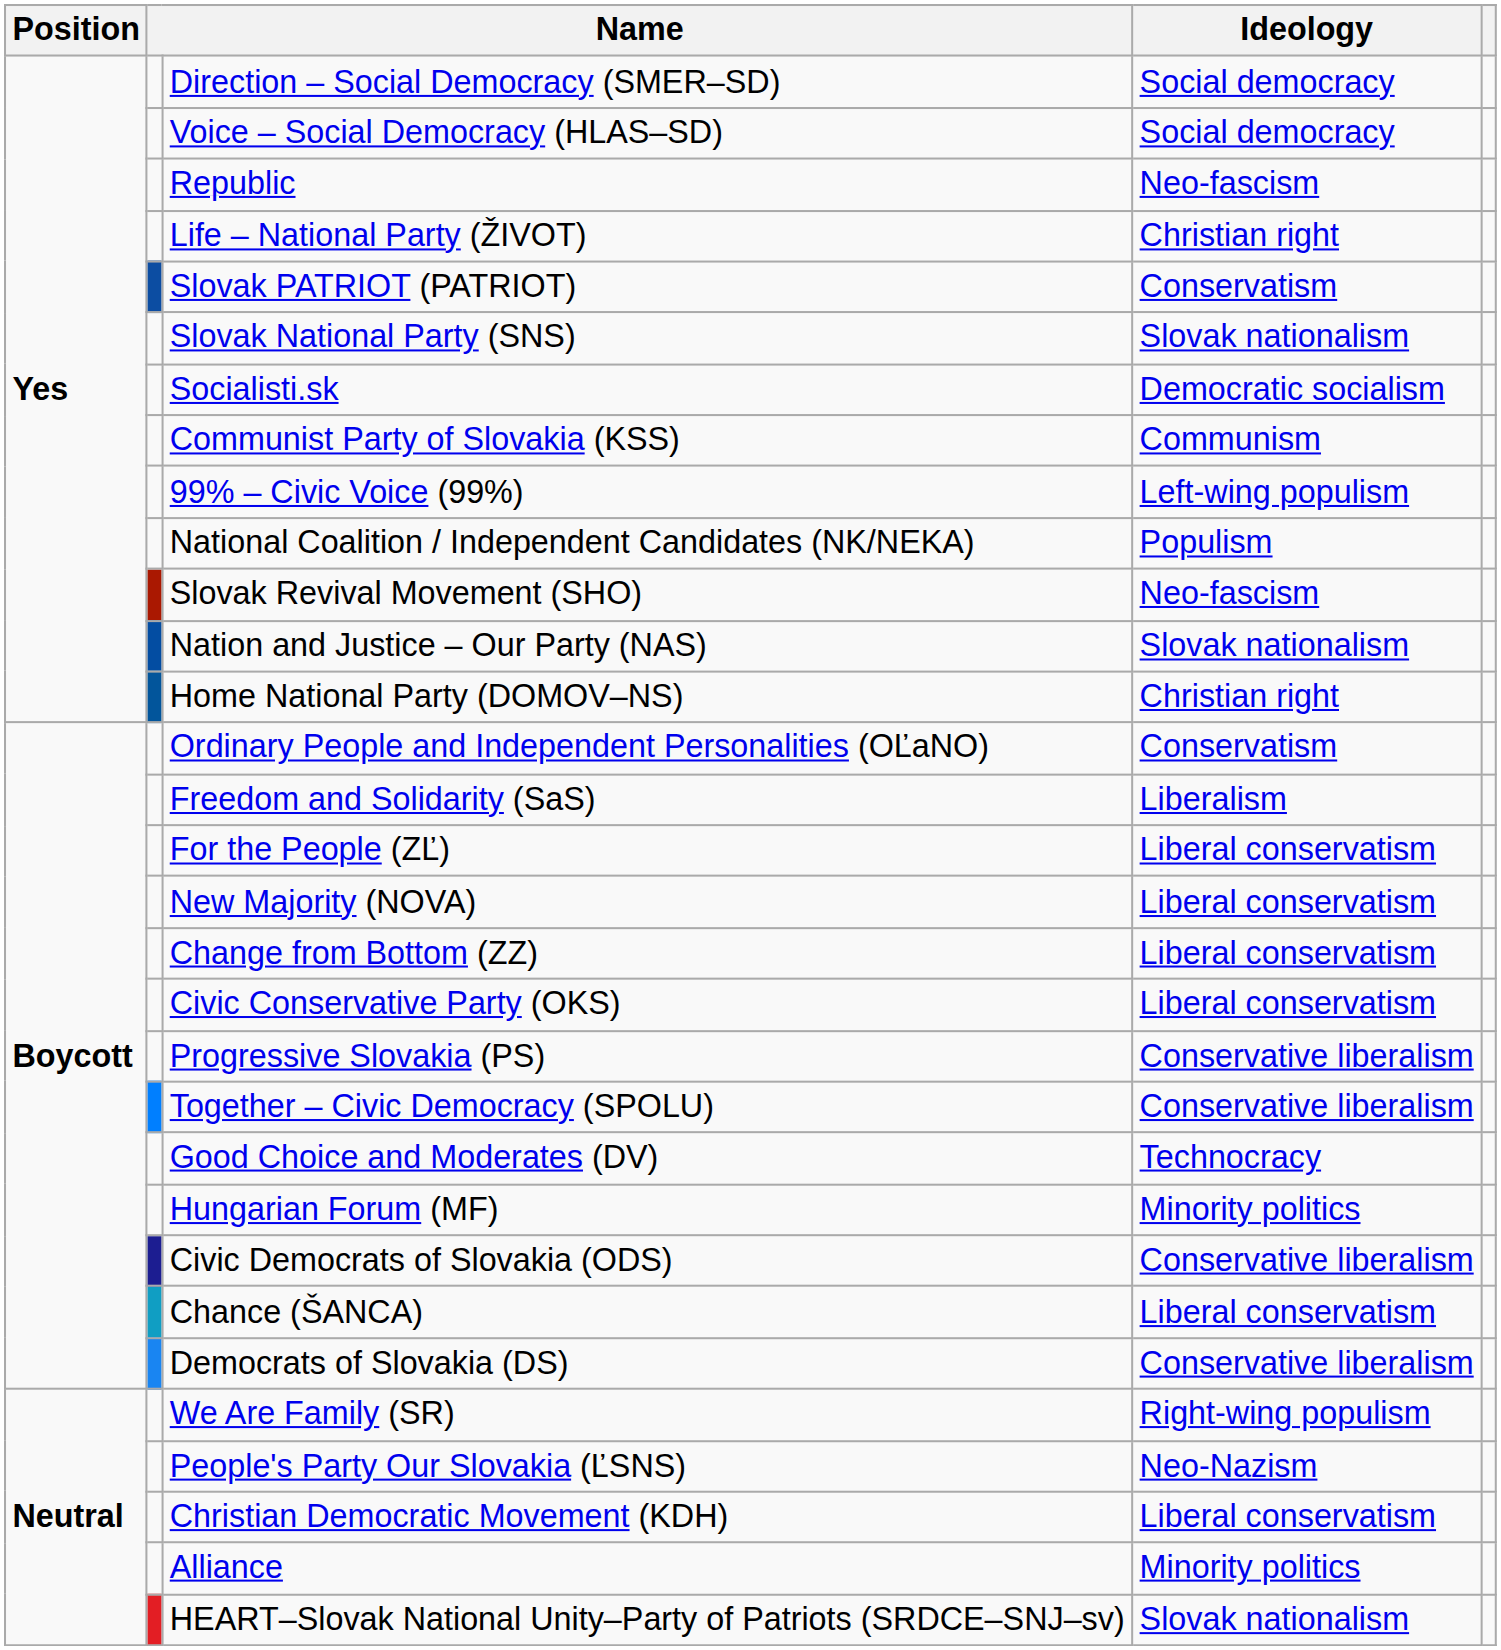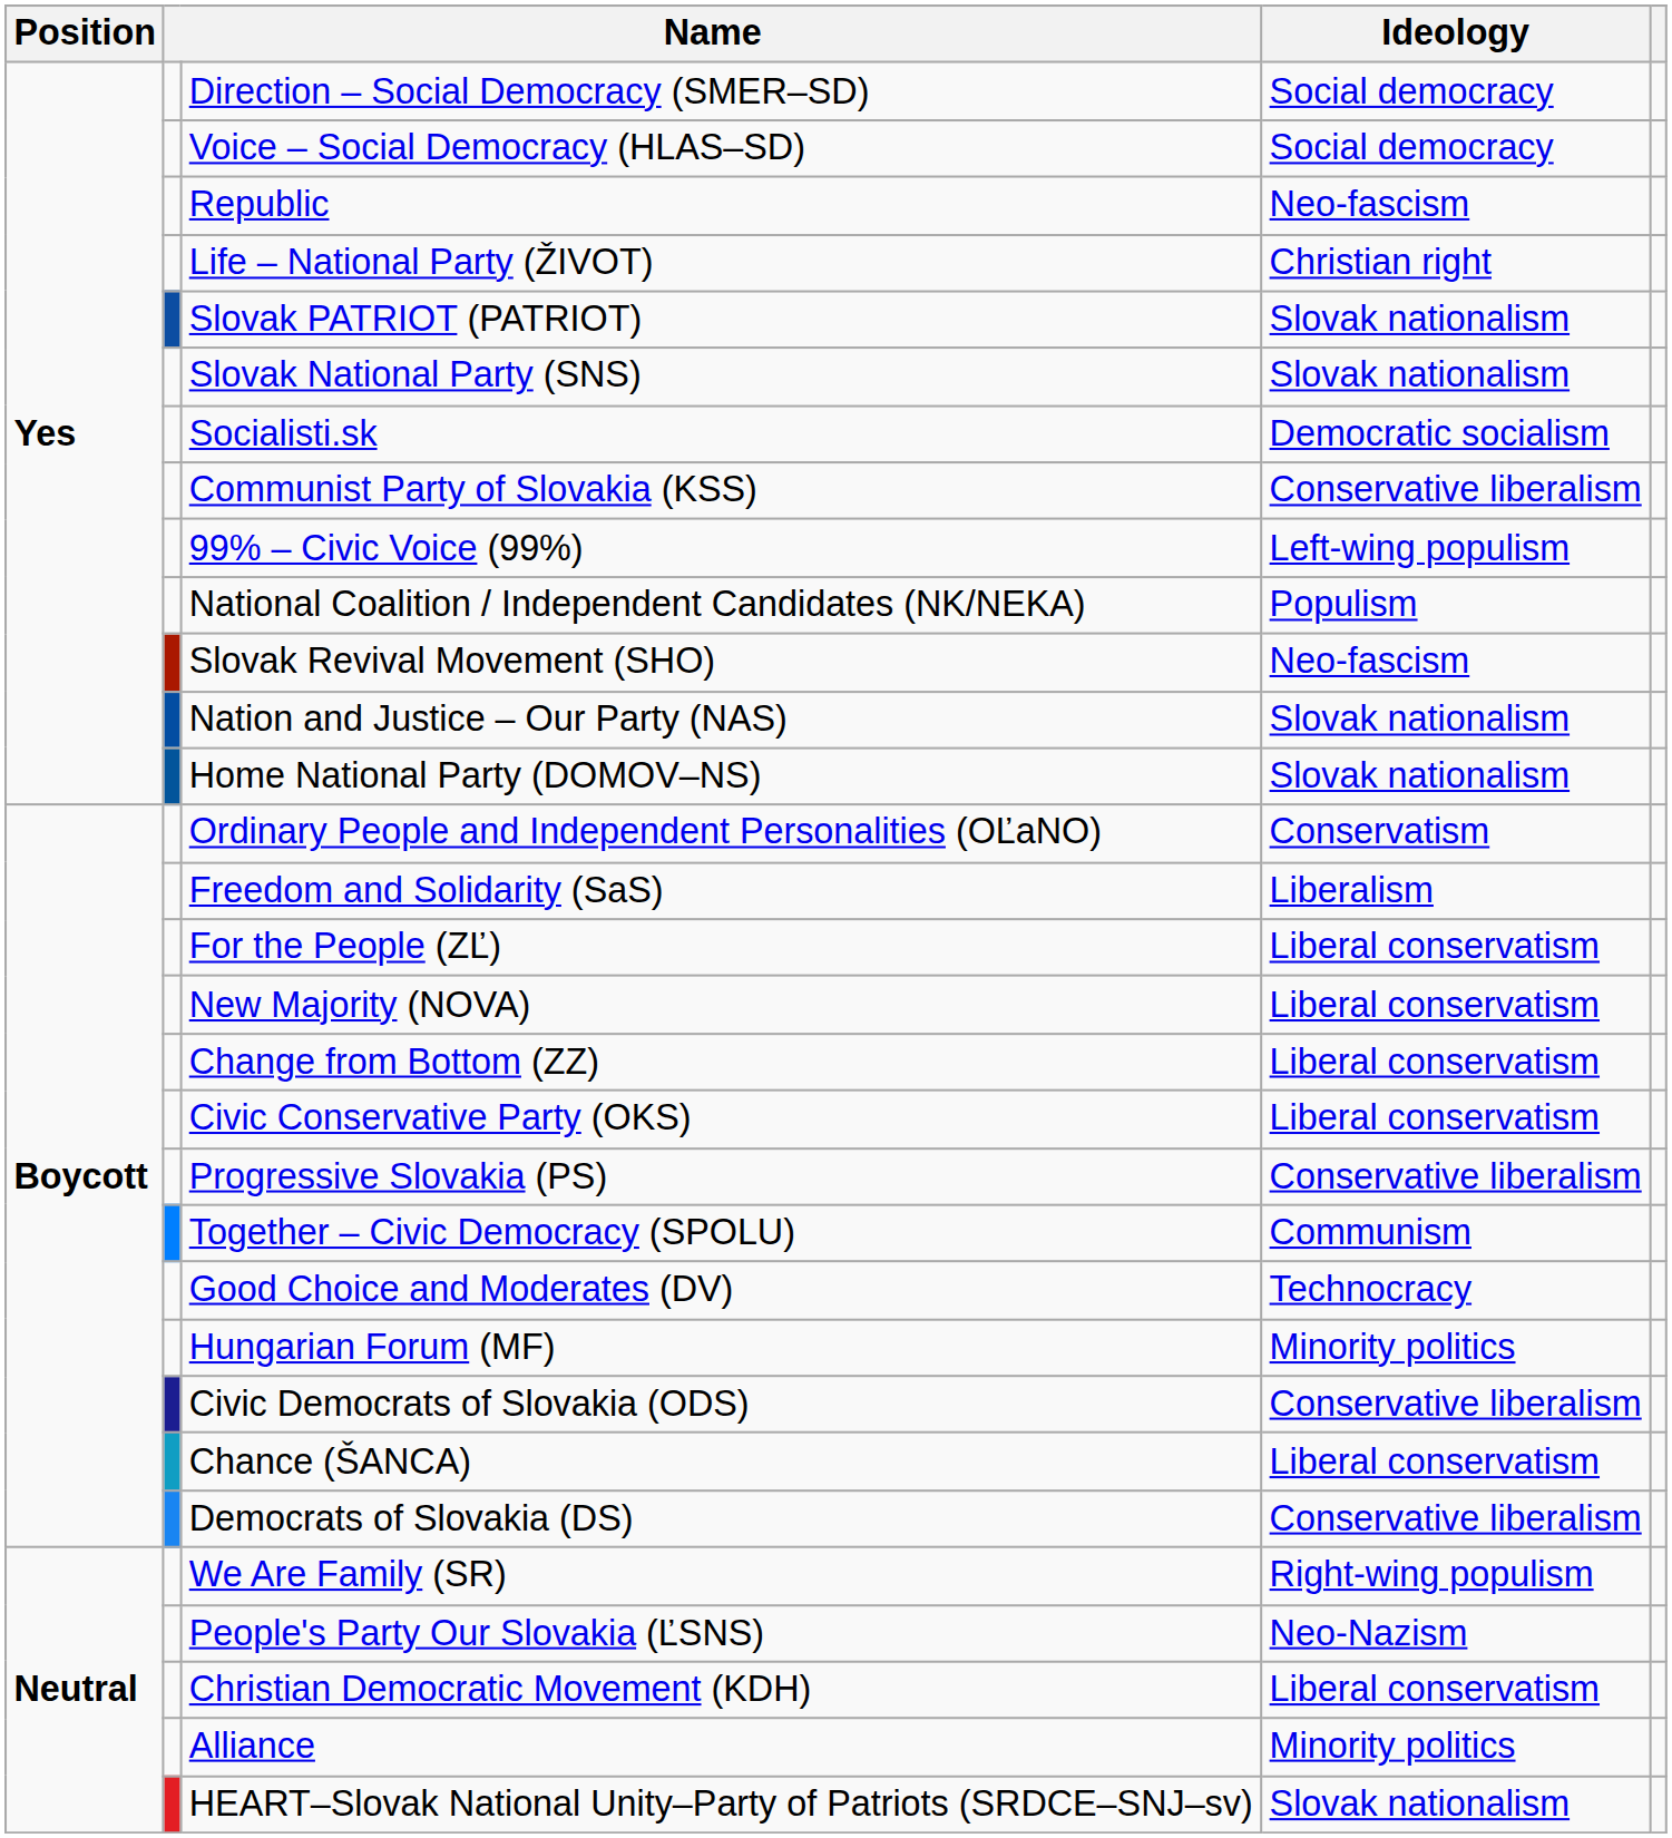 <table class="wikitable sortable">
 <tr>
 <th>Position</th>
 <th colspan="2">Name</th>
 <th>Ideology</th>
 <th></th>
 </tr>
 <tr>
 <td rowspan="13"> <strong>Yes</strong></td>
 <td></td>
 <td><a href='#'>Direction – Social Democracy</a> (SMER–SD)</td>
 <td><a href='#'>Social democracy</a></td>
 <td></td>
 </tr>
 <tr>
 <td></td>
 <td><a href='#'>Voice – Social Democracy</a> (HLAS–SD)</td>
 <td><a href='#'>Social democracy</a></td>
 <td></td>
 </tr>
 <tr>
 <td></td>
 <td><a href='#'>Republic</a></td>
 <td><a href='#'>Neo-fascism</a></td>
 <td></td>
 </tr>
 <tr>
 <td></td>
 <td><a href='#'>Life – National Party</a> (ŽIVOT)</td>
 <td><a href='#'>Christian right</a></td>
 <td></td>
 </tr>
 <tr>
 <td bgcolor="#0C4DA2"></td>
 <td><a href='#'>Slovak PATRIOT</a> (PATRIOT)</td>
-<td><a href='#'>Conservatism</a></td>
+<td><a href='#'>Slovak nationalism</a></td>
 <td></td>
 </tr>
 <tr>
 <td></td>
 <td><a href='#'>Slovak National Party</a> (SNS)</td>
 <td><a href='#'>Slovak nationalism</a></td>
 <td></td>
 </tr>
 <tr>
 <td></td>
 <td><a href='#'>Socialisti.sk</a></td>
 <td><a href='#'>Democratic socialism</a></td>
 <td></td>
 </tr>
 <tr>
 <td></td>
 <td><a href='#'>Communist Party of Slovakia</a> (KSS)</td>
-<td><a href='#'>Communism</a></td>
+<td><a href='#'>Conservative liberalism</a></td>
 <td></td>
 </tr>
 <tr>
 <td></td>
 <td><a href='#'>99% – Civic Voice</a> (99%)</td>
 <td><a href='#'>Left-wing populism</a></td>
 <td></td>
 </tr>
 <tr>
 <td></td>
 <td>National Coalition / Independent Candidates (NK/NEKA)</td>
 <td><a href='#'>Populism</a></td>
 <td></td>
 </tr>
 <tr>
 <td bgcolor="#AA1801"></td>
 <td>Slovak Revival Movement (SHO)</td>
 <td><a href='#'>Neo-fascism</a></td>
 <td></td>
 </tr>
 <tr>
 <td bgcolor="#034DA2"></td>
 <td>Nation and Justice – Our Party (NAS)</td>
 <td><a href='#'>Slovak nationalism</a></td>
 <td></td>
 </tr>
 <tr>
 <td bgcolor="#02559B"></td>
 <td>Home National Party (DOMOV–NS)</td>
-<td><a href='#'>Christian right</a></td>
+<td><a href='#'>Slovak nationalism</a></td>
 <td></td>
 </tr>
 <tr>
 <td rowspan="13"> <strong>Boycott</strong></td>
 <td></td>
 <td><a href='#'>Ordinary People and Independent Personalities</a> (OĽaNO)</td>
 <td><a href='#'>Conservatism</a></td>
 <td></td>
 </tr>
 <tr>
 <td></td>
 <td><a href='#'>Freedom and Solidarity</a> (SaS)</td>
 <td><a href='#'>Liberalism</a></td>
 <td></td>
 </tr>
 <tr>
 <td></td>
 <td><a href='#'>For the People</a> (ZĽ)</td>
 <td><a href='#'>Liberal conservatism</a></td>
 <td></td>
 </tr>
 <tr>
 <td></td>
 <td><a href='#'>New Majority</a> (NOVA)</td>
 <td><a href='#'>Liberal conservatism</a></td>
 <td></td>
 </tr>
 <tr>
 <td></td>
 <td><a href='#'>Change from Bottom</a> (ZZ)</td>
 <td><a href='#'>Liberal conservatism</a></td>
 <td></td>
 </tr>
 <tr>
 <td></td>
 <td><a href='#'>Civic Conservative Party</a> (OKS)</td>
 <td><a href='#'>Liberal conservatism</a></td>
 <td></td>
 </tr>
 <tr>
 <td></td>
 <td><a href='#'>Progressive Slovakia</a> (PS)</td>
 <td><a href='#'>Conservative liberalism</a></td>
 <td></td>
 </tr>
 <tr>
 <td bgcolor="#007FFF"></td>
 <td><a href='#'>Together – Civic Democracy</a> (SPOLU)</td>
-<td><a href='#'>Conservative liberalism</a></td>
+<td><a href='#'>Communism</a></td>
 <td></td>
 </tr>
 <tr>
 <td></td>
 <td><a href='#'>Good Choice and Moderates</a> (DV)</td>
 <td><a href='#'>Technocracy</a></td>
 <td></td>
 </tr>
 <tr>
 <td></td>
 <td><a href='#'>Hungarian Forum</a> (MF)</td>
 <td><a href='#'>Minority politics</a></td>
 <td></td>
 </tr>
 <tr>
 <td bgcolor="#1C1D91"></td>
 <td>Civic Democrats of Slovakia (ODS)</td>
 <td><a href='#'>Conservative liberalism</a></td>
 <td></td>
 </tr>
 <tr>
 <td bgcolor="#109EC3"></td>
 <td>Chance (ŠANCA)</td>
 <td><a href='#'>Liberal conservatism</a></td>
 <td></td>
 </tr>
 <tr>
 <td bgcolor="#1985F2"></td>
 <td>Democrats of Slovakia (DS)</td>
 <td><a href='#'>Conservative liberalism</a></td>
 <td></td>
 </tr>
 <tr>
 <td rowspan="5"> <strong>Neutral</strong></td>
 <td></td>
 <td><a href='#'>We Are Family</a> (SR)</td>
 <td><a href='#'>Right-wing populism</a></td>
 <td></td>
 </tr>
 <tr>
 <td></td>
 <td><a href='#'>People's Party Our Slovakia</a> (ĽSNS)</td>
 <td><a href='#'>Neo-Nazism</a></td>
 <td></td>
 </tr>
 <tr>
 <td></td>
 <td><a href='#'>Christian Democratic Movement</a> (KDH)</td>
 <td><a href='#'>Liberal conservatism</a></td>
 <td></td>
 </tr>
 <tr>
 <td></td>
 <td><a href='#'>Alliance</a></td>
 <td><a href='#'>Minority politics</a></td>
 <td></td>
 </tr>
 <tr>
 <td bgcolor="#E31E24"></td>
 <td>HEART–Slovak National Unity–Party of Patriots (SRDCE–SNJ–sv)</td>
 <td><a href='#'>Slovak nationalism</a></td>
 <td></td>
 </tr>
 </table>
